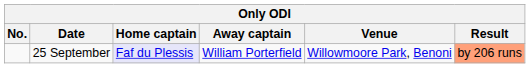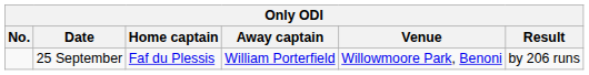 <table class="wikitable">
 <tr>
 <th colspan="6">Only ODI</th>
 </tr>
 <tr>
 <th>No.</th>
 <th>Date</th>
 <th>Home captain</th>
 <th>Away captain</th>
 <th>Venue</th>
 <th>Result</th>
 </tr>
 <tr>
 <td></td>
 <td>25 September</td>
-<td style="background: lavender;"><a href='#'>Faf du Plessis</a></td>
+<td><a href='#'>Faf du Plessis</a></td>
 <td><a href='#'>William Porterfield</a></td>
 <td><a href='#'>Willowmoore Park</a>, <a href='#'>Benoni</a></td>
-<td style="background: lightsalmon;"> by 206 runs</td>
+<td> by 206 runs</td>
 </tr>
 </table>
